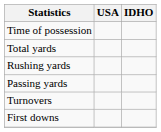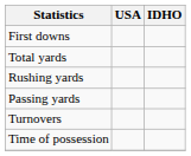 <table class="wikitable" style="float: left;">
 <tr>
 <th>Statistics</th>
 <th>USA</th>
 <th>IDHO</th>
 </tr>
 <tr>
-<td>Time of possession</td>
+<td>First downs</td>
 <td></td>
 <td></td>
 </tr>
 <tr>
 <td>Total yards</td>
 <td></td>
 <td></td>
 </tr>
 <tr>
 <td>Rushing yards</td>
 <td></td>
 <td></td>
 </tr>
 <tr>
 <td>Passing yards</td>
 <td></td>
 <td></td>
 </tr>
 <tr>
 <td>Turnovers</td>
 <td></td>
 <td></td>
 </tr>
 <tr>
-<td>First downs</td>
+<td>Time of possession</td>
 <td></td>
 <td></td>
 </tr>
 <tr>
 </tr>
 </table>
